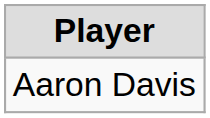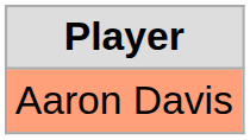 <table class="wikitable">
 <tr align="center"  bgcolor="#dddddd">
 <td><strong>Player</strong></td>
 </tr>
 <tr>
-<td>Aaron Davis</td>
+<td style="background: lightsalmon;">Aaron Davis</td>
 </tr>
 </table>
